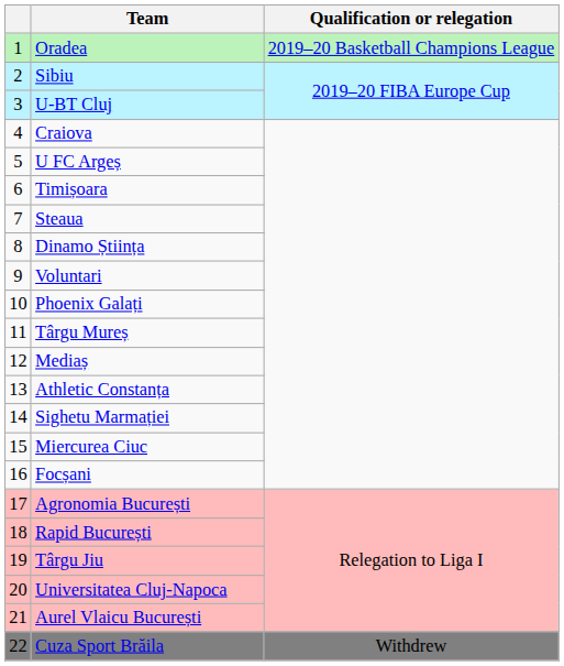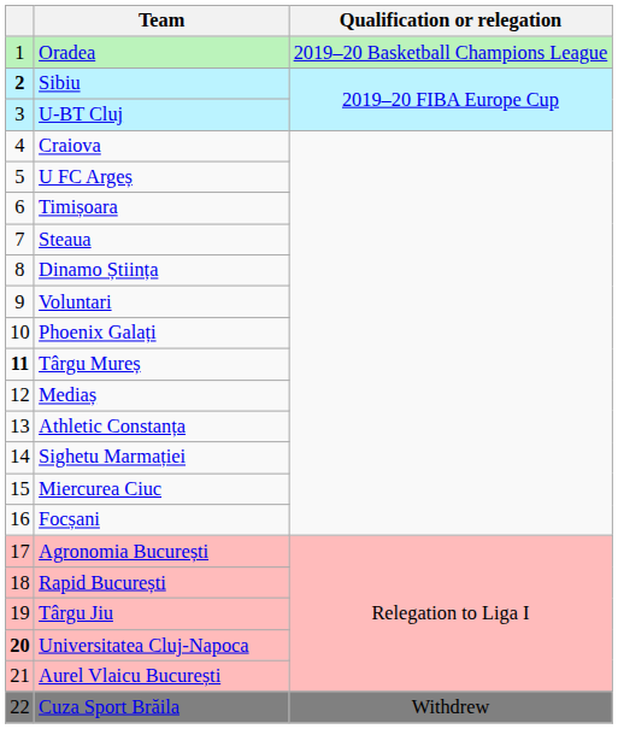 <table class="wikitable sortable" style="text-align:center">
 <tr>
 <th></th>
 <th width="200">Team</th>
 <th>Qualification or relegation</th>
 </tr>
 <tr style="background: #BBF3BB">
 <td>1</td>
 <td align=left><a href='#'>Oradea</a></td>
 <td><a href='#'>2019–20 Basketball Champions League</a></td>
 </tr>
 <tr style="background: #BBF3FF">
-<td>2</td>
+<td><strong>2</strong></td>
 <td align=left><a href='#'>Sibiu</a></td>
 <td rowspan=2><a href='#'>2019–20 FIBA Europe Cup</a></td>
 </tr>
 <tr style="background: #BBF3FF">
 <td>3</td>
 <td align=left><a href='#'>U-BT Cluj</a></td>
 </tr>
 <tr style="background:">
 <td>4</td>
 <td align=left><a href='#'>Craiova</a></td>
 </tr>
 <tr style="background:">
 <td>5</td>
 <td align=left><a href='#'>U FC Argeș</a></td>
 </tr>
 <tr style="background:">
 <td>6</td>
 <td align=left><a href='#'>Timișoara</a></td>
 </tr>
 <tr style="background:">
 <td>7</td>
 <td align=left><a href='#'>Steaua</a></td>
 </tr>
 <tr style="background:">
 <td>8</td>
 <td align=left><a href='#'>Dinamo Știința</a></td>
 </tr>
 <tr style="background:">
 <td>9</td>
 <td align=left><a href='#'>Voluntari</a></td>
 </tr>
 <tr style="background:">
 <td>10</td>
 <td align=left><a href='#'>Phoenix Galați</a></td>
 </tr>
 <tr style="background:">
-<td>11</td>
+<td><strong>11</strong></td>
 <td align=left><a href='#'>Târgu Mureș</a></td>
 </tr>
 <tr style="background:">
 <td>12</td>
 <td align=left><a href='#'>Mediaș</a></td>
 </tr>
 <tr style="background:">
 <td>13</td>
 <td align=left><a href='#'>Athletic Constanța</a></td>
 </tr>
 <tr style="background:">
 <td>14</td>
 <td align=left><a href='#'>Sighetu Marmației</a></td>
 </tr>
 <tr style="background:">
 <td>15</td>
 <td align=left><a href='#'>Miercurea Ciuc</a></td>
 </tr>
 <tr style="background:">
 <td>16</td>
 <td align=left><a href='#'>Focșani</a></td>
 </tr>
 <tr style="background:#FFBBBB">
 <td>17</td>
 <td align=left><a href='#'>Agronomia București</a></td>
 <td rowspan=5>Relegation to Liga I</td>
 </tr>
 <tr style="background:#FFBBBB">
 <td>18</td>
 <td align=left><a href='#'>Rapid București</a></td>
 </tr>
 <tr style="background: #FFBBBB">
 <td>19</td>
 <td align=left><a href='#'>Târgu Jiu</a></td>
 </tr>
 <tr style="background: #FFBBBB">
-<td>20</td>
+<td><strong>20</strong></td>
 <td align=left><a href='#'>Universitatea Cluj-Napoca</a></td>
 </tr>
 <tr style="background: #FFBBBB">
 <td>21</td>
 <td align=left><a href='#'>Aurel Vlaicu București</a></td>
 </tr>
 <tr style="background: #808080">
 <td>22</td>
 <td align=left><a href='#'>Cuza Sport Brăila</a></td>
 <td>Withdrew</td>
 </tr>
 </table>
